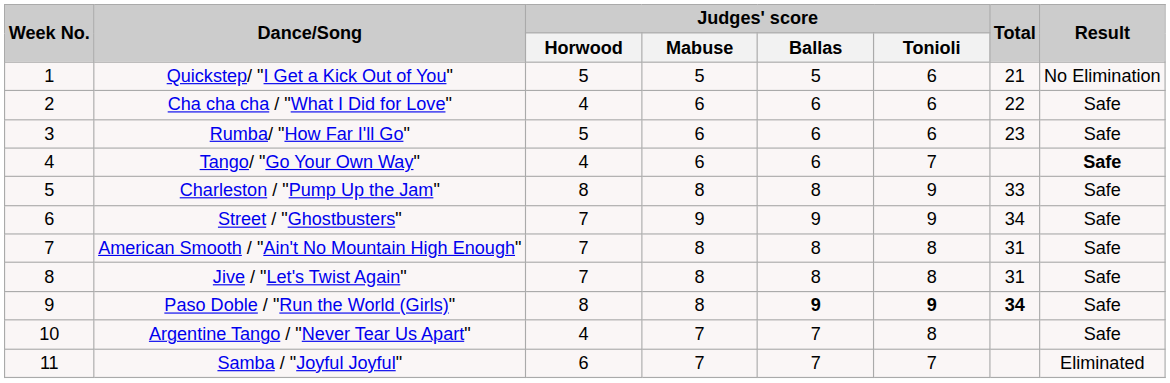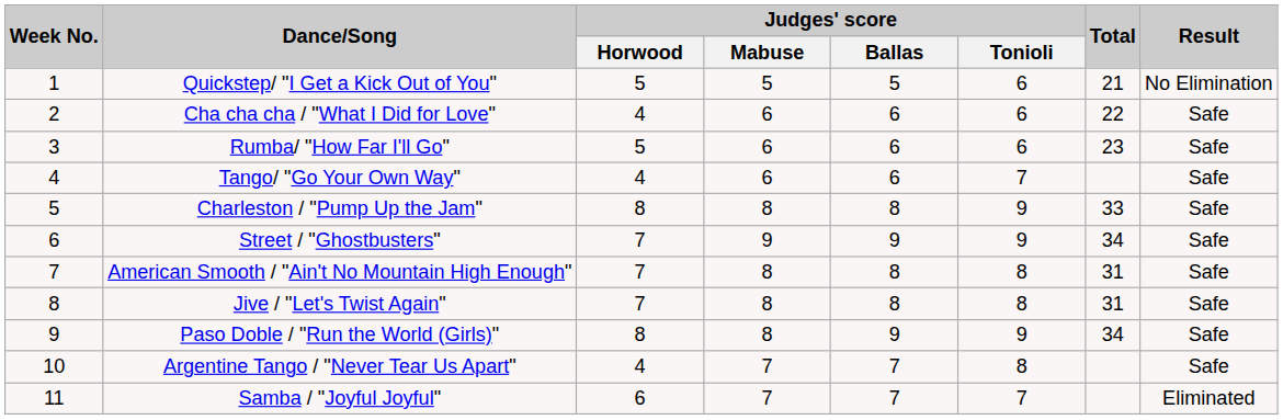 <table class="wikitable">
 <tr>
 <th rowspan="2" style="background:#ccc; text-align:Center;"><strong>Week No.</strong></th>
 <th rowspan="2" style="background:#ccc; text-align:Center;"><strong>Dance/Song</strong></th>
 <th colspan="4" style="background:#ccc; text-align:Center;"><strong>Judges' score</strong></th>
 <th rowspan="2" style="background:#ccc; text-align:Center;"><strong>Total</strong></th>
 <th rowspan="2" style="background:#ccc; text-align:Center;"><strong>Result</strong></th>
 </tr>
 <tr style="text-align:center; background:#ccc;">
 <th style="width:10%; ">Horwood</th>
 <th style="width:10%; ">Mabuse</th>
 <th style="width:10%; ">Ballas</th>
 <th style="width:10%; ">Tonioli</th>
 </tr>
 <tr style="text-align:center; background:#faf6f6">
 <td>1</td>
 <td><a href='#'>Quickstep</a>/ "<a href='#'>I Get a Kick Out of You</a>"</td>
 <td>5</td>
 <td>5</td>
 <td>5</td>
 <td>6</td>
 <td>21</td>
 <td>No Elimination</td>
 </tr>
 <tr style="text-align:center; background:#faf6f6;">
 <td>2</td>
 <td><a href='#'>Cha cha cha</a> / "<a href='#'>What I Did for Love</a>"</td>
 <td>4</td>
 <td>6</td>
 <td>6</td>
 <td>6</td>
 <td>22</td>
 <td>Safe</td>
 </tr>
 <tr style="text-align:center; background:#faf6f6;">
 <td>3</td>
 <td><a href='#'>Rumba</a>/ "<a href='#'>How Far I'll Go</a>"</td>
 <td>5</td>
 <td>6</td>
 <td>6</td>
 <td>6</td>
 <td>23</td>
 <td>Safe</td>
 </tr>
 <tr style="text-align:center; background:#faf6f6;">
 <td>4</td>
 <td><a href='#'>Tango</a>/ "<a href='#'>Go Your Own Way</a>"</td>
 <td>4</td>
 <td>6</td>
 <td>6</td>
 <td>7</td>
 <td> </td>
-<td><strong>Safe</strong></td>
+<td>Safe</td>
 </tr>
 <tr style="text-align:center; background:#faf6f6;">
 <td>5</td>
 <td><a href='#'>Charleston</a> / "<a href='#'>Pump Up the Jam</a>"</td>
 <td>8</td>
 <td>8</td>
 <td>8</td>
 <td>9 </td>
 <td>33</td>
 <td>Safe</td>
 </tr>
 <tr style="text-align:center; background:#faf6f6;">
 <td>6</td>
 <td><a href='#'>Street</a> / "<a href='#'>Ghostbusters</a>" </td>
 <td>7</td>
 <td>9</td>
 <td>9</td>
 <td>9</td>
 <td>34</td>
 <td>Safe</td>
 </tr>
 <tr style="text-align:center; background:#faf6f6;">
 <td>7</td>
 <td><a href='#'>American Smooth</a> / "<a href='#'>Ain't No Mountain High Enough</a>" </td>
 <td>7</td>
 <td>8</td>
 <td>8</td>
 <td>8</td>
 <td>31</td>
 <td>Safe</td>
 </tr>
 <tr style="text-align:center; background:#faf6f6;">
 <td>8</td>
 <td><a href='#'>Jive</a> / "<a href='#'>Let's Twist Again</a>"</td>
 <td>7</td>
 <td>8</td>
 <td>8</td>
 <td>8</td>
 <td>31</td>
 <td>Safe</td>
 </tr>
 <tr style="text-align:center; background:#faf6f6;">
 <td>9</td>
 <td><a href='#'>Paso Doble</a> / "<a href='#'>Run the World (Girls)</a>"</td>
 <td>8</td>
 <td>8</td>
-<td><strong>9</strong></td>
-<td><strong>9</strong></td>
-<td><strong>34</strong></td>
+<td>9</td>
+<td>9</td>
+<td>34</td>
 <td>Safe</td>
 </tr>
 <tr style="text-align:center; background:#faf6f6;">
 <td>10</td>
 <td><a href='#'>Argentine Tango</a> / "<a href='#'>Never Tear Us Apart</a>"</td>
 <td>4</td>
 <td>7</td>
 <td>7</td>
 <td>8</td>
 <td> </td>
 <td>Safe</td>
 </tr>
 <tr style="text-align:center; background:#faf6f6;">
 <td>11</td>
 <td><a href='#'>Samba</a> / "<a href='#'>Joyful Joyful</a>"</td>
 <td>6</td>
 <td>7</td>
 <td>7</td>
 <td>7</td>
 <td> </td>
 <td>Eliminated</td>
 </tr>
 </table>
